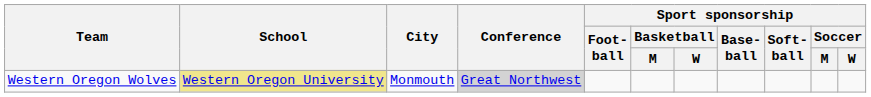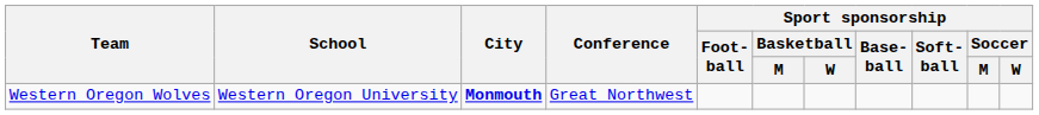 <table class="sortable wikitable">
 <tr>
 <th rowspan=3>Team</th>
 <th rowspan=3>School</th>
 <th rowspan=3>City</th>
 <th rowspan=3>Conference</th>
 <th colspan=7>Sport sponsorship</th>
 </tr>
 <tr>
 <th rowspan=2>Foot-<br>ball</th>
 <th colspan=2>Basketball</th>
 <th rowspan=2>Base-<br>ball</th>
 <th rowspan=2>Soft-<br>ball</th>
 <th colspan=2>Soccer</th>
 </tr>
 <tr>
 <th>M</th>
 <th>W</th>
 <th>M</th>
 <th>W</th>
 </tr>
 <tr>
 <td><a href='#'>Western Oregon Wolves</a></td>
-<td style="background: khaki;"><a href='#'>Western Oregon University</a></td>
-<td><a href='#'>Monmouth</a></td>
-<td style="background: lightgrey;"><a href='#'>Great Northwest</a></td>
+<td><a href='#'>Western Oregon University</a></td>
+<td><strong><a href='#'>Monmouth</a></strong></td>
+<td><a href='#'>Great Northwest</a></td>
 <td> </td>
 <td></td>
 <td></td>
 <td></td>
 <td></td>
 <td></td>
 <td></td>
 </tr>
 </table>
